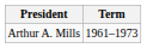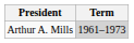 <table class="wikitable">
 <tr>
 <th>President</th>
 <th>Term</th>
 </tr>
 <tr>
 <td>Arthur A. Mills</td>
-<td>1961–1973</td>
+<td style="background: lightgrey;">1961–1973</td>
 </tr>
 </table>
